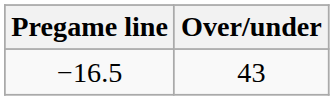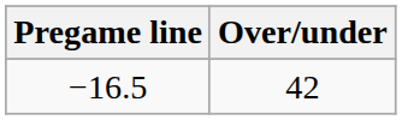 <table class="wikitable" style="margin-left: auto; margin-right: auto; border: none; display: inline-table;">
 <tr align="center">
 <th style=>Pregame line</th>
 <th style=>Over/under</th>
 </tr>
 <tr align="center">
 <td>−16.5</td>
-<td>43</td>
+<td>42</td>
 </tr>
 </table>
